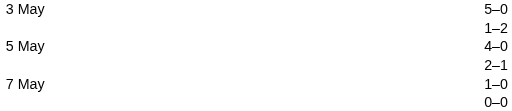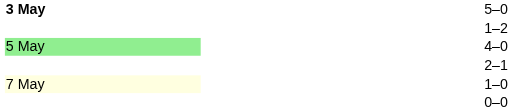 <table cellspacing=1 width=70%>
 <tr>
 <th width=25%></th>
 <th width=30%></th>
 <th width=15%></th>
 <th width=30%></th>
 </tr>
 <tr>
-<td>3 May</td>
+<td><strong>3 May</strong></td>
 <td align=right></td>
 <td align=center>5–0</td>
 <td></td>
 </tr>
 <tr>
 <td></td>
 <td align=right></td>
 <td align=center>1–2</td>
 <td></td>
 </tr>
 <tr>
-<td>5 May</td>
+<td style="background: lightgreen;">5 May</td>
 <td align=right></td>
 <td align=center>4–0</td>
 <td></td>
 </tr>
 <tr>
 <td></td>
 <td align=right></td>
 <td align=center>2–1</td>
 <td></td>
 </tr>
 <tr>
-<td>7 May</td>
+<td style="background: lightyellow;">7 May</td>
 <td align=right></td>
 <td align=center>1–0</td>
 <td></td>
 </tr>
 <tr>
 <td></td>
 <td align=right></td>
 <td align=center>0–0</td>
 <td></td>
 </tr>
 </table>
